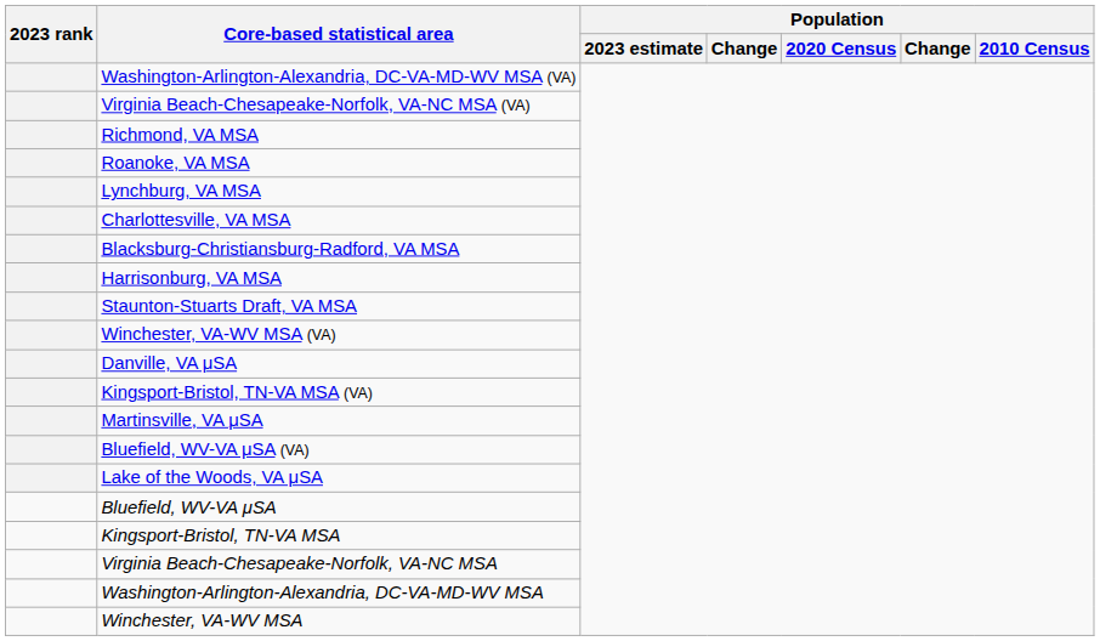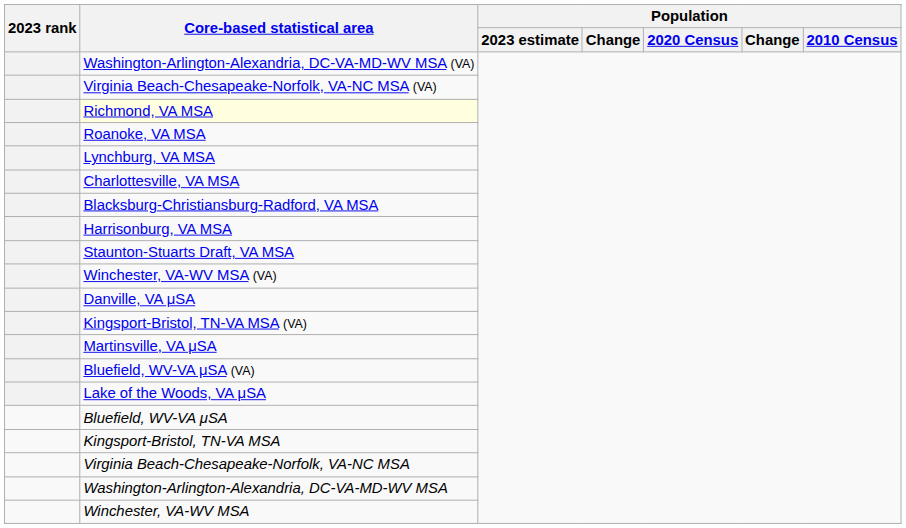 <table class="wikitable sortable">
 <tr>
 <th scope=col rowspan=2>2023 rank</th>
 <th scope=col rowspan=2><a href='#'>Core-based statistical area</a></th>
 <th colspan=5>Population</th>
 </tr>
 <tr>
 <th scope=col>2023 estimate</th>
 <th scope=col>Change</th>
 <th scope=col><a href='#'>2020 Census</a></th>
 <th scope=col>Change</th>
 <th scope=col><a href='#'>2010 Census</a></th>
 </tr>
 <tr>
 <th scope=row></th>
 <td><a href='#'>Washington-Arlington-Alexandria, DC-VA-MD-WV MSA</a> <small>(VA)</small><br></td>
 </tr>
 <tr>
 <th scope=row></th>
 <td><a href='#'>Virginia Beach-Chesapeake-Norfolk, VA-NC MSA</a> <small>(VA)</small><br></td>
 </tr>
 <tr>
 <th scope=row></th>
-<td><a href='#'>Richmond, VA MSA</a><br></td>
+<td style="background: lightyellow;"><a href='#'>Richmond, VA MSA</a><br></td>
 </tr>
 <tr>
 <th scope=row></th>
 <td><a href='#'>Roanoke, VA MSA</a><br></td>
 </tr>
 <tr>
 <th scope=row></th>
 <td><a href='#'>Lynchburg, VA MSA</a><br></td>
 </tr>
 <tr>
 <th scope=row></th>
 <td><a href='#'>Charlottesville, VA MSA</a><br></td>
 </tr>
 <tr>
 <th scope=row></th>
 <td><a href='#'>Blacksburg-Christiansburg-Radford, VA MSA</a><br></td>
 </tr>
 <tr>
 <th scope=row></th>
 <td><a href='#'>Harrisonburg, VA MSA</a><br></td>
 </tr>
 <tr>
 <th scope=row></th>
 <td><a href='#'>Staunton-Stuarts Draft, VA MSA</a><br></td>
 </tr>
 <tr>
 <th scope=row></th>
 <td><a href='#'>Winchester, VA-WV MSA</a> <small>(VA)</small><br></td>
 </tr>
 <tr>
 <th scope=row></th>
 <td><a href='#'>Danville, VA μSA</a><br></td>
 </tr>
 <tr>
 <th scope=row></th>
 <td><a href='#'>Kingsport-Bristol, TN-VA MSA</a> <small>(VA)</small><br></td>
 </tr>
 <tr>
 <th scope=row></th>
 <td><a href='#'>Martinsville, VA μSA</a><br></td>
 </tr>
 <tr>
 <th scope=row></th>
 <td><a href='#'>Bluefield, WV-VA μSA</a> <small>(VA)</small><br></td>
 </tr>
 <tr>
 <th scope=row></th>
 <td><a href='#'>Lake of the Woods, VA μSA</a><br></td>
 </tr>
 <tr>
 <td></td>
 <td><em><span>Bluefield, WV-VA μSA</span></em><br></td>
 </tr>
 <tr>
 <td></td>
 <td><em><span>Kingsport-Bristol, TN-VA MSA</span></em><br></td>
 </tr>
 <tr>
 <td></td>
 <td><em><span>Virginia Beach-Chesapeake-Norfolk, VA-NC MSA</span></em><br></td>
 </tr>
 <tr>
 <td></td>
 <td><em><span>Washington-Arlington-Alexandria, DC-VA-MD-WV MSA</span></em><br></td>
 </tr>
 <tr>
 <td></td>
 <td><em><span>Winchester, VA-WV MSA</span></em><br></td>
 </tr>
 </table>
